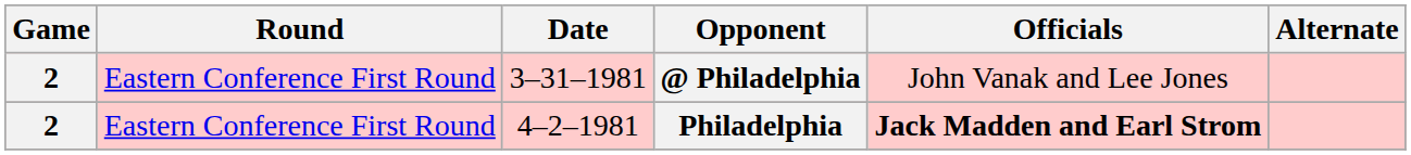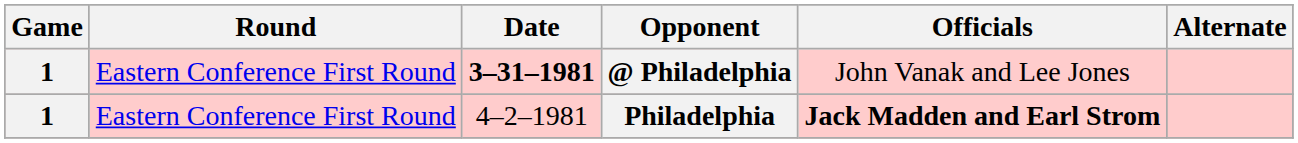 <table class="wikitable">
 <tr>
 <th>Game</th>
 <th>Round</th>
 <th>Date</th>
 <th>Opponent</th>
 <th>Officials</th>
 <th>Alternate</th>
 </tr>
 <tr align="center" bgcolor="#ffcccc">
-<th>2</th>
+<th>1</th>
 <td><a href='#'>Eastern Conference First Round</a></td>
-<td>3–31–1981</td>
+<td><strong>3–31–1981</strong></td>
 <th>@ Philadelphia</th>
 <td>John Vanak and Lee Jones</td>
 <td></td>
 </tr>
 <tr align="center" bgcolor="#ffcccc">
-<th>2</th>
+<th>1</th>
 <td><a href='#'>Eastern Conference First Round</a></td>
 <td>4–2–1981</td>
 <th>Philadelphia</th>
 <td><strong>Jack Madden and Earl Strom</strong></td>
 <td></td>
 </tr>
 </table>
